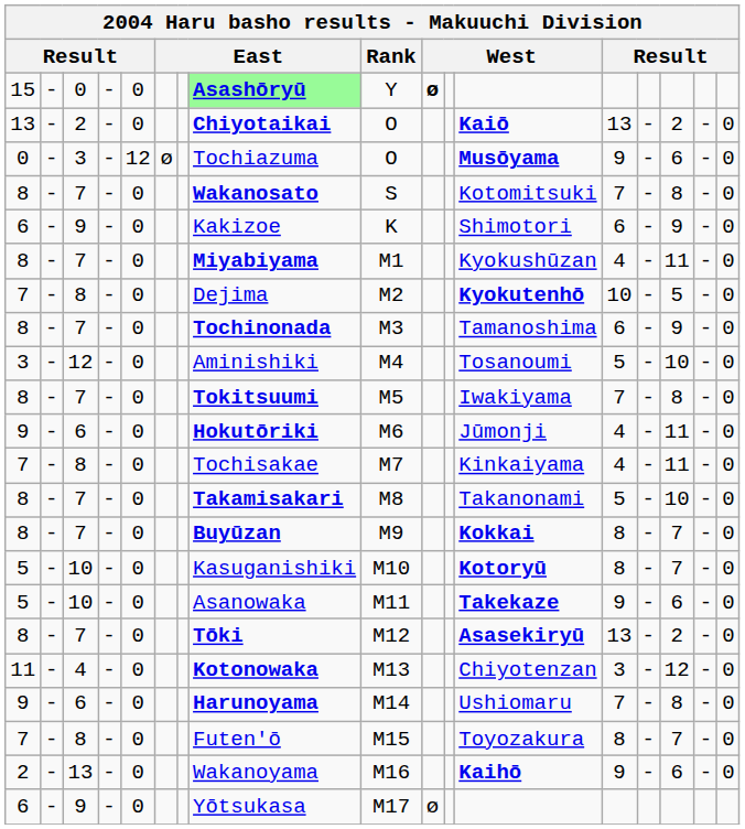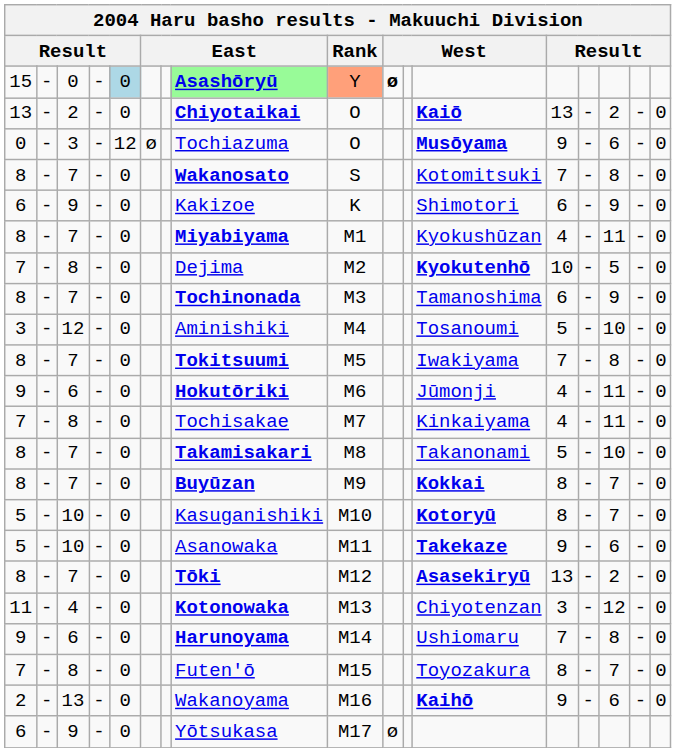 <table class="wikitable">
 <tr>
 <th colspan="17">2004 Haru basho results - Makuuchi Division</th>
 </tr>
 <tr>
 <th colspan="5">Result</th>
 <th colspan="3">East</th>
 <th>Rank</th>
 <th colspan="3">West</th>
 <th colspan="5">Result</th>
 </tr>
 <tr>
 <td align=center>15</td>
 <td align=center>-</td>
 <td align=center>0</td>
 <td align=center>-</td>
-<td align=center>0</td>
+<td align=center style="background: lightblue;">0</td>
 <td align=center></td>
 <td align=center></td>
 <td style="background: PaleGreen;"><strong><a href='#'>Asashōryū</a></strong></td>
-<td align=center>Y</td>
+<td align=center style="background: lightsalmon;">Y</td>
 <td align=center><strong>ø</strong></td>
 <td align=center></td>
 <td></td>
 <td align=center></td>
 <td align=center></td>
 <td align=center></td>
 <td align=center></td>
 <td align=center></td>
 </tr>
 <tr>
 <td align=center>13</td>
 <td align=center>-</td>
 <td align=center>2</td>
 <td align=center>-</td>
 <td align=center>0</td>
 <td align=center></td>
 <td align=center></td>
 <td><strong><a href='#'>Chiyotaikai</a></strong></td>
 <td align=center>O</td>
 <td align=center></td>
 <td align=center></td>
 <td><strong><a href='#'>Kaiō</a></strong></td>
 <td align=center>13</td>
 <td align=center>-</td>
 <td align=center>2</td>
 <td align=center>-</td>
 <td align=center>0</td>
 </tr>
 <tr>
 <td align=center>0</td>
 <td align=center>-</td>
 <td align=center>3</td>
 <td align=center>-</td>
 <td align=center>12</td>
 <td align=center>ø</td>
 <td align=center></td>
 <td><a href='#'>Tochiazuma</a></td>
 <td align=center>O</td>
 <td align=center></td>
 <td align=center></td>
 <td><a href='#'><strong>Musōyama</strong></a></td>
 <td align=center>9</td>
 <td align=center>-</td>
 <td align=center>6</td>
 <td align=center>-</td>
 <td align=center>0</td>
 </tr>
 <tr>
 <td align=center>8</td>
 <td align=center>-</td>
 <td align=center>7</td>
 <td align=center>-</td>
 <td align=center>0</td>
 <td align=center></td>
 <td align=center></td>
 <td><a href='#'><strong>Wakanosato</strong></a></td>
 <td align=center>S</td>
 <td align=center></td>
 <td align=center></td>
 <td><a href='#'>Kotomitsuki</a></td>
 <td align=center>7</td>
 <td align=center>-</td>
 <td align=center>8</td>
 <td align=center>-</td>
 <td align=center>0</td>
 </tr>
 <tr>
 <td align=center>6</td>
 <td align=center>-</td>
 <td align=center>9</td>
 <td align=center>-</td>
 <td align=center>0</td>
 <td align=center></td>
 <td align=center></td>
 <td><a href='#'>Kakizoe</a></td>
 <td align=center>K</td>
 <td align=center></td>
 <td align=center></td>
 <td><a href='#'>Shimotori</a></td>
 <td align=center>6</td>
 <td align=center>-</td>
 <td align=center>9</td>
 <td align=center>-</td>
 <td align=center>0</td>
 </tr>
 <tr>
 <td align=center>8</td>
 <td align=center>-</td>
 <td align=center>7</td>
 <td align=center>-</td>
 <td align=center>0</td>
 <td align=center></td>
 <td align=center></td>
 <td><a href='#'><strong>Miyabiyama</strong></a></td>
 <td align=center>M1</td>
 <td align=center></td>
 <td align=center></td>
 <td><a href='#'>Kyokushūzan</a></td>
 <td align=center>4</td>
 <td align=center>-</td>
 <td align=center>11</td>
 <td align=center>-</td>
 <td align=center>0</td>
 </tr>
 <tr>
 <td align=center>7</td>
 <td align=center>-</td>
 <td align=center>8</td>
 <td align=center>-</td>
 <td align=center>0</td>
 <td align=center></td>
 <td align=center></td>
 <td><a href='#'>Dejima</a></td>
 <td align=center>M2</td>
 <td align=center></td>
 <td align=center></td>
 <td><a href='#'><strong>Kyokutenhō</strong></a></td>
 <td align=center>10</td>
 <td align=center>-</td>
 <td align=center>5</td>
 <td align=center>-</td>
 <td align=center>0</td>
 </tr>
 <tr>
 <td align=center>8</td>
 <td align=center>-</td>
 <td align=center>7</td>
 <td align=center>-</td>
 <td align=center>0</td>
 <td align=center></td>
 <td align=center></td>
 <td><a href='#'><strong>Tochinonada</strong></a></td>
 <td align=center>M3</td>
 <td align=center></td>
 <td align=center></td>
 <td><a href='#'>Tamanoshima</a></td>
 <td align=center>6</td>
 <td align=center>-</td>
 <td align=center>9</td>
 <td align=center>-</td>
 <td align=center>0</td>
 </tr>
 <tr>
 <td align=center>3</td>
 <td align=center>-</td>
 <td align=center>12</td>
 <td align=center>-</td>
 <td align=center>0</td>
 <td align=center></td>
 <td align=center></td>
 <td><a href='#'>Aminishiki</a></td>
 <td align=center>M4</td>
 <td align=center></td>
 <td align=center></td>
 <td><a href='#'>Tosanoumi</a></td>
 <td align=center>5</td>
 <td align=center>-</td>
 <td align=center>10</td>
 <td align=center>-</td>
 <td align=center>0</td>
 </tr>
 <tr>
 <td align=center>8</td>
 <td align=center>-</td>
 <td align=center>7</td>
 <td align=center>-</td>
 <td align=center>0</td>
 <td align=center></td>
 <td align=center></td>
 <td><strong><a href='#'>Tokitsuumi</a></strong></td>
 <td align=center>M5</td>
 <td align=center></td>
 <td align=center></td>
 <td><a href='#'>Iwakiyama</a></td>
 <td align=center>7</td>
 <td align=center>-</td>
 <td align=center>8</td>
 <td align=center>-</td>
 <td align=center>0</td>
 </tr>
 <tr>
 <td align=center>9</td>
 <td align=center>-</td>
 <td align=center>6</td>
 <td align=center>-</td>
 <td align=center>0</td>
 <td align=center></td>
 <td align=center></td>
 <td><a href='#'><strong>Hokutōriki</strong></a></td>
 <td align=center>M6</td>
 <td align=center></td>
 <td align=center></td>
 <td><a href='#'>Jūmonji</a></td>
 <td align=center>4</td>
 <td align=center>-</td>
 <td align=center>11</td>
 <td align=center>-</td>
 <td align=center>0</td>
 </tr>
 <tr>
 <td align=center>7</td>
 <td align=center>-</td>
 <td align=center>8</td>
 <td align=center>-</td>
 <td align=center>0</td>
 <td align=center></td>
 <td align=center></td>
 <td><a href='#'>Tochisakae</a></td>
 <td align=center>M7</td>
 <td align=center></td>
 <td align=center></td>
 <td><a href='#'>Kinkaiyama</a></td>
 <td align=center>4</td>
 <td align=center>-</td>
 <td align=center>11</td>
 <td align=center>-</td>
 <td align=center>0</td>
 </tr>
 <tr>
 <td align=center>8</td>
 <td align=center>-</td>
 <td align=center>7</td>
 <td align=center>-</td>
 <td align=center>0</td>
 <td align=center></td>
 <td align=center></td>
 <td><a href='#'><strong>Takamisakari</strong></a></td>
 <td align=center>M8</td>
 <td align=center></td>
 <td align=center></td>
 <td><a href='#'>Takanonami</a></td>
 <td align=center>5</td>
 <td align=center>-</td>
 <td align=center>10</td>
 <td align=center>-</td>
 <td align=center>0</td>
 </tr>
 <tr>
 <td align=center>8</td>
 <td align=center>-</td>
 <td align=center>7</td>
 <td align=center>-</td>
 <td align=center>0</td>
 <td align=center></td>
 <td align=center></td>
 <td><a href='#'><strong>Buyūzan</strong></a></td>
 <td align=center>M9</td>
 <td align=center></td>
 <td align=center></td>
 <td><strong><a href='#'>Kokkai</a></strong></td>
 <td align=center>8</td>
 <td align=center>-</td>
 <td align=center>7</td>
 <td align=center>-</td>
 <td align=center>0</td>
 </tr>
 <tr>
 <td align=center>5</td>
 <td align=center>-</td>
 <td align=center>10</td>
 <td align=center>-</td>
 <td align=center>0</td>
 <td align=center></td>
 <td align=center></td>
 <td><a href='#'>Kasuganishiki</a></td>
 <td align=center>M10</td>
 <td align=center></td>
 <td align=center></td>
 <td><a href='#'><strong>Kotoryū</strong></a></td>
 <td align=center>8</td>
 <td align=center>-</td>
 <td align=center>7</td>
 <td align=center>-</td>
 <td align=center>0</td>
 </tr>
 <tr>
 <td align=center>5</td>
 <td align=center>-</td>
 <td align=center>10</td>
 <td align=center>-</td>
 <td align=center>0</td>
 <td align=center></td>
 <td align=center></td>
 <td><a href='#'>Asanowaka</a></td>
 <td align=center>M11</td>
 <td align=center></td>
 <td align=center></td>
 <td><a href='#'><strong>Takekaze</strong></a></td>
 <td align=center>9</td>
 <td align=center>-</td>
 <td align=center>6</td>
 <td align=center>-</td>
 <td align=center>0</td>
 </tr>
 <tr>
 <td align=center>8</td>
 <td align=center>-</td>
 <td align=center>7</td>
 <td align=center>-</td>
 <td align=center>0</td>
 <td align=center></td>
 <td align=center></td>
 <td><a href='#'><strong>Tōki</strong></a></td>
 <td align=center>M12</td>
 <td align=center></td>
 <td align=center></td>
 <td><a href='#'><strong>Asasekiryū</strong></a></td>
 <td align=center>13</td>
 <td align=center>-</td>
 <td align=center>2</td>
 <td align=center>-</td>
 <td align=center>0</td>
 </tr>
 <tr>
 <td align=center>11</td>
 <td align=center>-</td>
 <td align=center>4</td>
 <td align=center>-</td>
 <td align=center>0</td>
 <td align=center></td>
 <td align=center></td>
 <td><a href='#'><strong>Kotonowaka</strong></a></td>
 <td align=center>M13</td>
 <td align=center></td>
 <td align=center></td>
 <td><a href='#'>Chiyotenzan</a></td>
 <td align=center>3</td>
 <td align=center>-</td>
 <td align=center>12</td>
 <td align=center>-</td>
 <td align=center>0</td>
 </tr>
 <tr>
 <td align=center>9</td>
 <td align=center>-</td>
 <td align=center>6</td>
 <td align=center>-</td>
 <td align=center>0</td>
 <td align=center></td>
 <td align=center></td>
 <td><strong><a href='#'>Harunoyama</a></strong></td>
 <td align=center>M14</td>
 <td align=center></td>
 <td align=center></td>
 <td><a href='#'>Ushiomaru</a></td>
 <td align=center>7</td>
 <td align=center>-</td>
 <td align=center>8</td>
 <td align=center>-</td>
 <td align=center>0</td>
 </tr>
 <tr>
 <td align=center>7</td>
 <td align=center>-</td>
 <td align=center>8</td>
 <td align=center>-</td>
 <td align=center>0</td>
 <td align=center></td>
 <td align=center></td>
 <td><a href='#'>Futen'ō</a></td>
 <td align=center>M15</td>
 <td align=center></td>
 <td align=center></td>
 <td><a href='#'>Toyozakura</a></td>
 <td align=center>8</td>
 <td align=center>-</td>
 <td align=center>7</td>
 <td align=center>-</td>
 <td align=center>0</td>
 </tr>
 <tr>
 <td align=center>2</td>
 <td align=center>-</td>
 <td align=center>13</td>
 <td align=center>-</td>
 <td align=center>0</td>
 <td align=center></td>
 <td align=center></td>
 <td><a href='#'>Wakanoyama</a></td>
 <td align=center>M16</td>
 <td align=center></td>
 <td align=center></td>
 <td><a href='#'><strong>Kaihō</strong></a></td>
 <td align=center>9</td>
 <td align=center>-</td>
 <td align=center>6</td>
 <td align=center>-</td>
 <td align=center>0</td>
 </tr>
 <tr>
 <td align=center>6</td>
 <td align=center>-</td>
 <td align=center>9</td>
 <td align=center>-</td>
 <td align=center>0</td>
 <td align=center></td>
 <td align=center></td>
 <td><a href='#'>Yōtsukasa</a></td>
 <td align=center>M17</td>
 <td align=center>ø</td>
 <td align=center></td>
 <td></td>
 <td align=center></td>
 <td align=center></td>
 <td align=center></td>
 <td align=center></td>
 <td align=center></td>
 </tr>
 </table>
